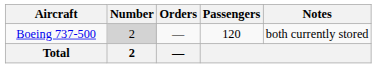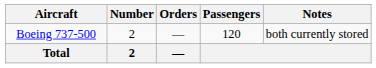 <table class="wikitable" style="margin:0.2em auto; text-align:center">
 <tr>
 <th style="width:125px;">Aircraft</th>
 <th>Number</th>
 <th>Orders</th>
 <th>Passengers</th>
 <th>Notes</th>
 </tr>
 <tr>
 <td rowspan="1"><a href='#'>Boeing 737-500</a></td>
-<td rowspan="1" style="background: lightgrey;">2</td>
+<td rowspan="1">2</td>
 <td rowspan="1">—</td>
 <td>120</td>
 <td rowspan="1">both currently stored</td>
 </tr>
 <tr>
 <th>Total</th>
 <th>2</th>
 <th>—</th>
 <th colspan="2"></th>
 </tr>
 </table>
